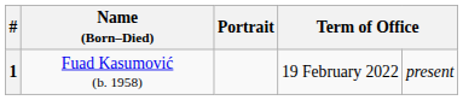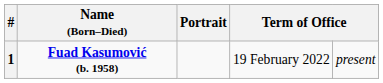 <table class="wikitable" style="text-align:center">
 <tr ->
 <th>#</th>
 <th width=180>Name<br><small>(Born–Died)</small></th>
 <th>Portrait</th>
 <th colspan=2>Term of Office</th>
 </tr>
 <tr ->
 <th align=center style="background: ">1</th>
-<td><a href='#'>Fuad Kasumović</a><br><small>(b. 1958)</small></td>
+<td><strong><a href='#'>Fuad Kasumović</a><br><small>(b. 1958)</small></strong></td>
 <td></td>
 <td>19 February 2022</td>
 <td><em>present</em></td>
 </tr>
 </table>
